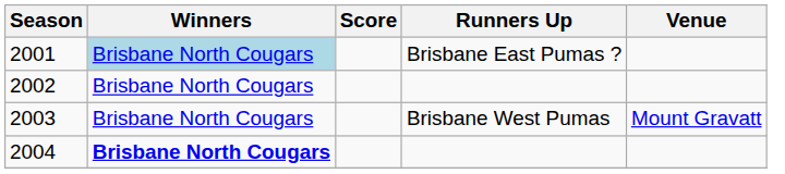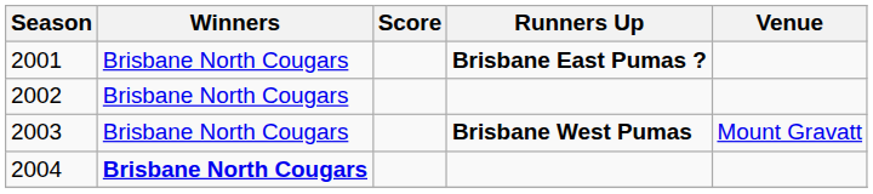 <table class="wikitable collapsible">
 <tr>
 <th>Season</th>
 <th>Winners</th>
 <th>Score</th>
 <th>Runners Up</th>
 <th>Venue</th>
 </tr>
 <tr>
 <td>2001</td>
-<td style="background: lightblue;"><a href='#'>Brisbane North Cougars</a></td>
+<td><a href='#'>Brisbane North Cougars</a></td>
 <td></td>
-<td>Brisbane East Pumas ?</td>
+<td><strong>Brisbane East Pumas ?</strong></td>
 <td></td>
 </tr>
 <tr>
 <td>2002</td>
 <td><a href='#'>Brisbane North Cougars</a></td>
 <td></td>
 <td></td>
 </tr>
 <tr>
 <td>2003</td>
 <td><a href='#'>Brisbane North Cougars</a></td>
 <td></td>
-<td>Brisbane West Pumas</td>
+<td><strong>Brisbane West Pumas</strong></td>
 <td><a href='#'>Mount Gravatt</a></td>
 </tr>
 <tr>
 <td>2004</td>
 <td><strong><a href='#'>Brisbane North Cougars</a></strong></td>
 <td></td>
 <td></td>
 <td></td>
 </tr>
 <tr>
 </tr>
 </table>
